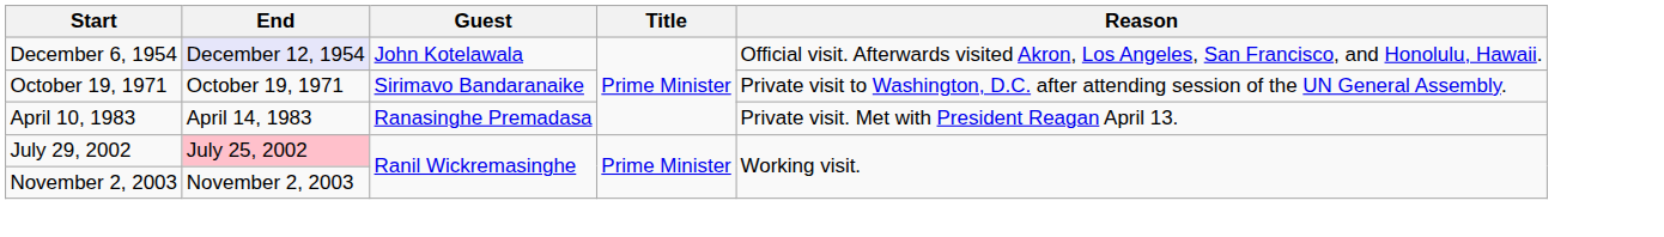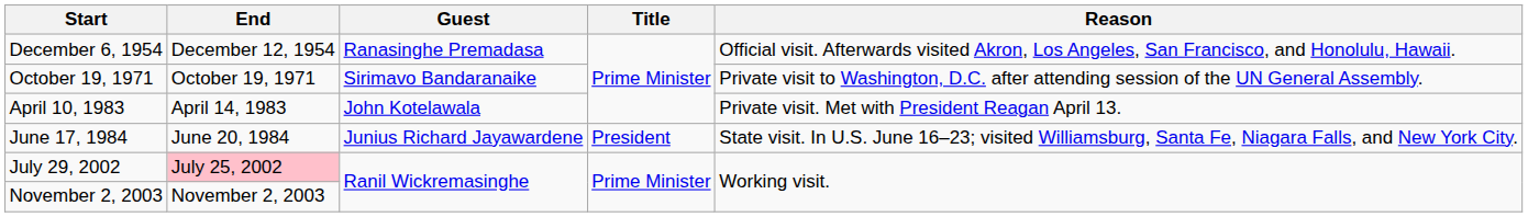 <table class="wikitable sortable">
 <tr>
 <th>Start</th>
 <th>End</th>
 <th>Guest</th>
 <th>Title</th>
 <th>Reason</th>
 </tr>
 <tr>
 <td>December 6, 1954</td>
-<td style="background: lavender;">December 12, 1954</td>
-<td><a href='#'>John Kotelawala</a></td>
+<td>December 12, 1954</td>
+<td><a href='#'>Ranasinghe Premadasa</a></td>
 <td rowspan=3><a href='#'>Prime Minister</a></td>
 <td>Official visit. Afterwards visited <a href='#'>Akron</a>, <a href='#'>Los Angeles</a>, <a href='#'>San Francisco</a>, and <a href='#'>Honolulu, Hawaii</a>.</td>
 </tr>
 <tr>
 <td>October 19, 1971</td>
 <td>October 19, 1971</td>
 <td><a href='#'>Sirimavo Bandaranaike</a></td>
 <td>Private visit to <a href='#'>Washington, D.C.</a> after attending session of the <a href='#'>UN General Assembly</a>.</td>
 </tr>
 <tr>
 <td>April 10, 1983</td>
 <td>April 14, 1983</td>
-<td><a href='#'>Ranasinghe Premadasa</a></td>
+<td><a href='#'>John Kotelawala</a></td>
 <td>Private visit. Met with <a href='#'>President Reagan</a> April 13.</td>
+</tr>
+<tr>
+<td>June 17, 1984</td>
+<td>June 20, 1984</td>
+<td><a href='#'>Junius Richard Jayawardene</a></td>
+<td><a href='#'>President</a></td>
+<td>State visit. In U.S. June 16–23; visited <a href='#'>Williamsburg</a>, <a href='#'>Santa Fe</a>, <a href='#'>Niagara Falls</a>, and <a href='#'>New York City</a>.</td>
 </tr>
 <tr>
 <td>July 29, 2002</td>
 <td style="background: pink;">July 25, 2002</td>
 <td rowspan=2><a href='#'>Ranil Wickremasinghe</a></td>
 <td rowspan=2><a href='#'>Prime Minister</a></td>
 <td rowspan=2>Working visit.</td>
 </tr>
 <tr>
 <td>November 2, 2003</td>
 <td>November 2, 2003</td>
 </tr>
 </table>
